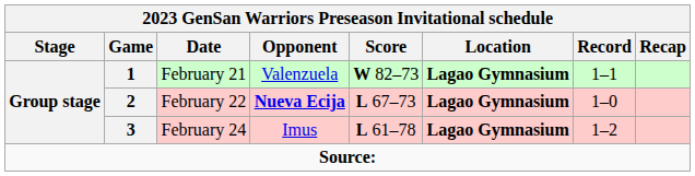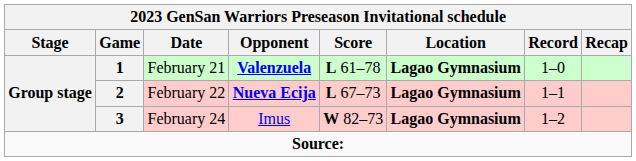 <table class="wikitable" style="text-align:center">
 <tr>
 <th colspan=8>2023 GenSan Warriors Preseason Invitational schedule</th>
 </tr>
 <tr>
 <th>Stage</th>
 <th>Game</th>
 <th>Date</th>
 <th>Opponent</th>
 <th>Score</th>
 <th>Location</th>
 <th>Record</th>
 <th>Recap<br></th>
 </tr>
 <tr style="background:#cfc">
 <th rowspan=3>Group stage</th>
 <th>1</th>
 <td>February 21</td>
-<td><a href='#'>Valenzuela</a></td>
-<td><strong>W</strong> 82–73</td>
+<td><strong><a href='#'>Valenzuela</a></strong></td>
+<td><strong>L</strong> 61–78</td>
 <td><strong>Lagao Gymnasium</strong></td>
-<td>1–1</td>
+<td>1–0</td>
 <td></td>
 </tr>
 <tr style="background:#fcc">
 <th>2</th>
 <td>February 22</td>
 <td><strong><a href='#'>Nueva Ecija</a></strong></td>
 <td><strong>L</strong> 67–73</td>
 <td><strong>Lagao Gymnasium</strong></td>
-<td>1–0</td>
+<td>1–1</td>
 <td></td>
 </tr>
 <tr style="background:#fcc">
 <th>3</th>
 <td>February 24</td>
 <td><a href='#'>Imus</a></td>
-<td><strong>L</strong> 61–78</td>
+<td><strong>W</strong> 82–73</td>
 <td><strong>Lagao Gymnasium</strong></td>
 <td>1–2</td>
 <td></td>
 </tr>
 <tr>
 <td colspan=8 align=center><strong>Source: </strong></td>
 </tr>
 </table>
